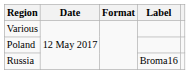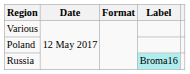 <table class="wikitable">
 <tr>
 <th>Region</th>
 <th>Date</th>
 <th>Format</th>
 <th>Label</th>
 <th></th>
 </tr>
 <tr>
 <td>Various</td>
 <td rowspan="3">12 May 2017</td>
 <td rowspan="3"></td>
 <td></td>
 <td align="center"></td>
 </tr>
 <tr>
 <td>Poland</td>
 <td></td>
 <td align="center"></td>
 </tr>
 <tr>
 <td>Russia</td>
-<td>Broma16</td>
+<td style="background: paleturquoise;">Broma16</td>
 <td align="center"></td>
 </tr>
 </table>
